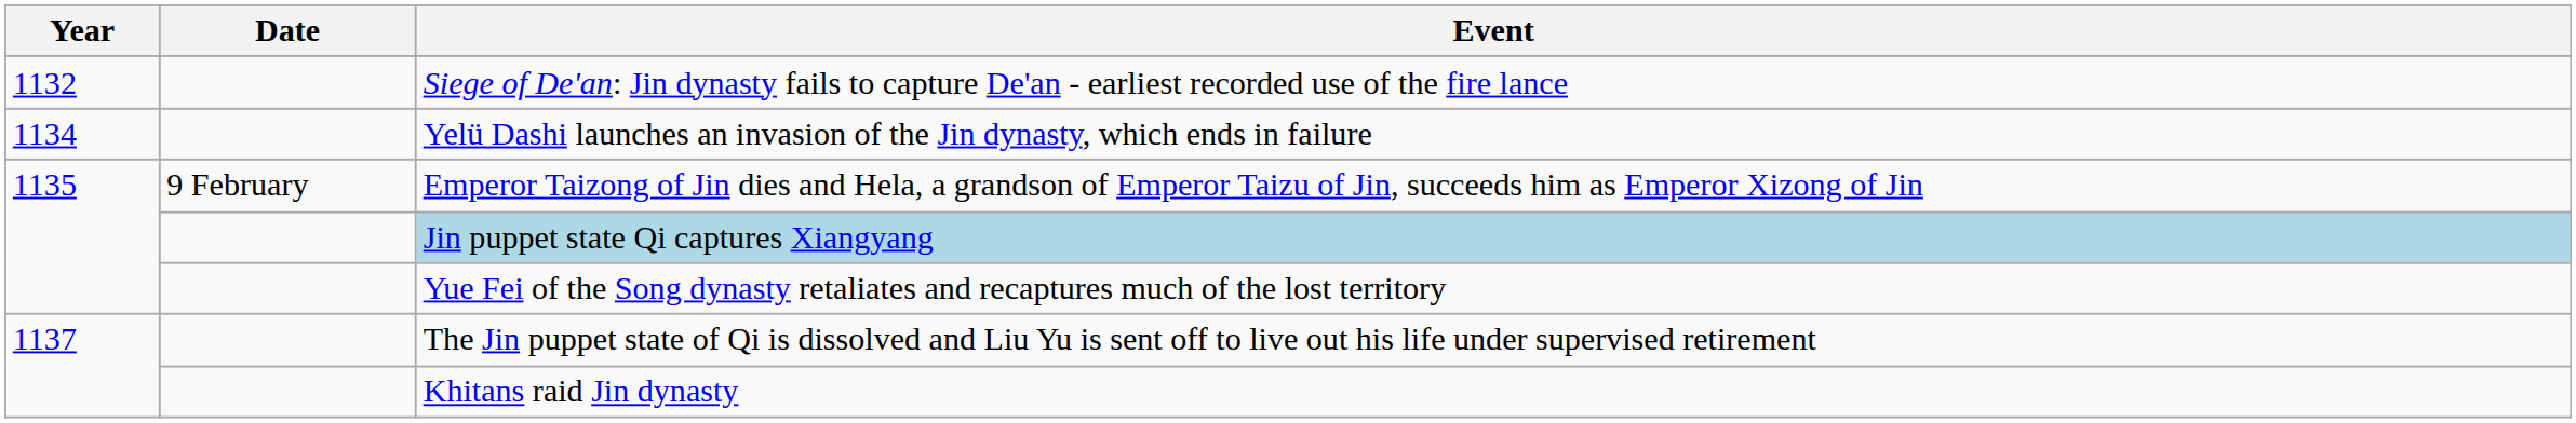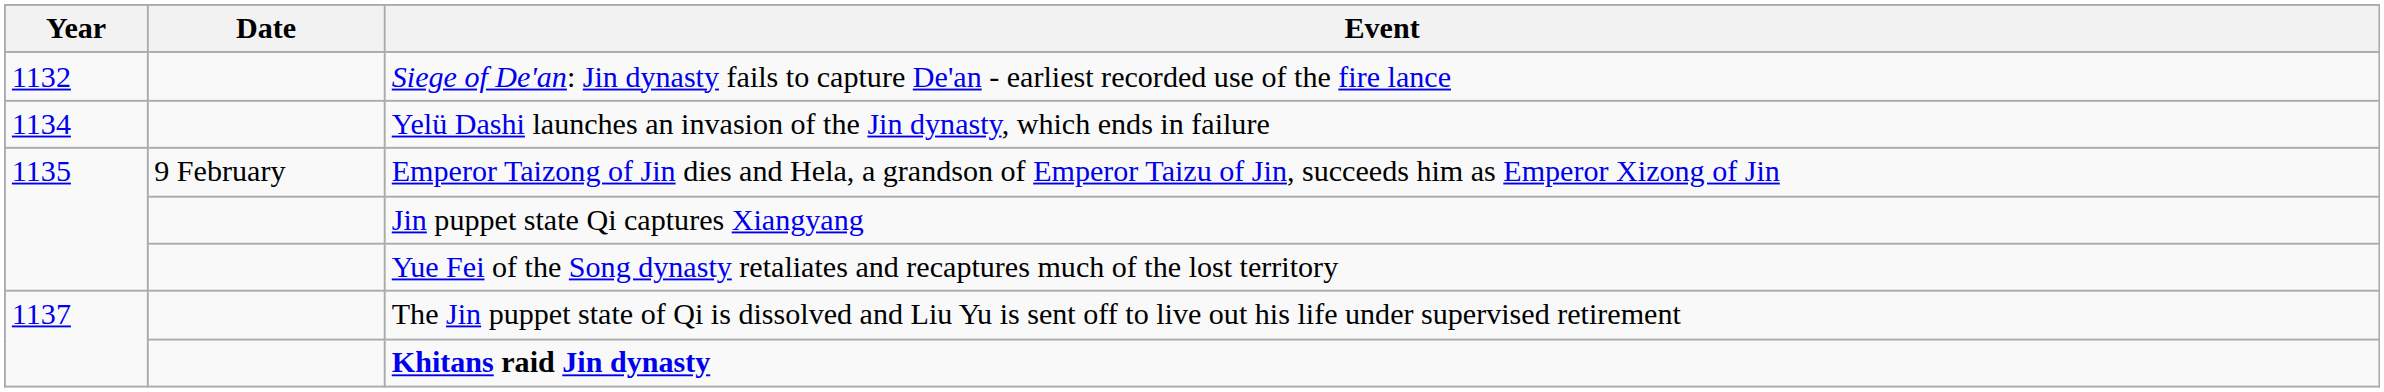 <table class="wikitable" width="100%">
 <tr>
 <th style="width:6%">Year</th>
 <th style="width:10%">Date</th>
 <th>Event</th>
 </tr>
 <tr>
 <td><a href='#'>1132</a></td>
 <td></td>
 <td><em><a href='#'>Siege of De'an</a></em>: <a href='#'>Jin dynasty</a> fails to capture <a href='#'>De'an</a> - earliest recorded use of the <a href='#'>fire lance</a></td>
 </tr>
 <tr>
 <td><a href='#'>1134</a></td>
 <td></td>
 <td><a href='#'>Yelü Dashi</a> launches an invasion of the <a href='#'>Jin dynasty</a>, which ends in failure</td>
 </tr>
 <tr>
 <td rowspan="3" valign="top"><a href='#'>1135</a></td>
 <td>9 February</td>
 <td><a href='#'>Emperor Taizong of Jin</a> dies and Hela, a grandson of <a href='#'>Emperor Taizu of Jin</a>, succeeds him as <a href='#'>Emperor Xizong of Jin</a></td>
 </tr>
 <tr>
 <td></td>
-<td style="background: lightblue;"><a href='#'>Jin</a> puppet state Qi captures <a href='#'>Xiangyang</a></td>
+<td><a href='#'>Jin</a> puppet state Qi captures <a href='#'>Xiangyang</a></td>
 </tr>
 <tr>
 <td></td>
 <td><a href='#'>Yue Fei</a> of the <a href='#'>Song dynasty</a> retaliates and recaptures much of the lost territory</td>
 </tr>
 <tr>
 <td rowspan="2" valign="top"><a href='#'>1137</a></td>
 <td></td>
 <td>The <a href='#'>Jin</a> puppet state of Qi is dissolved and Liu Yu is sent off to live out his life under supervised retirement</td>
 </tr>
 <tr>
 <td></td>
-<td><a href='#'>Khitans</a> raid <a href='#'>Jin dynasty</a></td>
+<td><strong><a href='#'>Khitans</a> raid <a href='#'>Jin dynasty</a></strong></td>
 </tr>
 </table>
